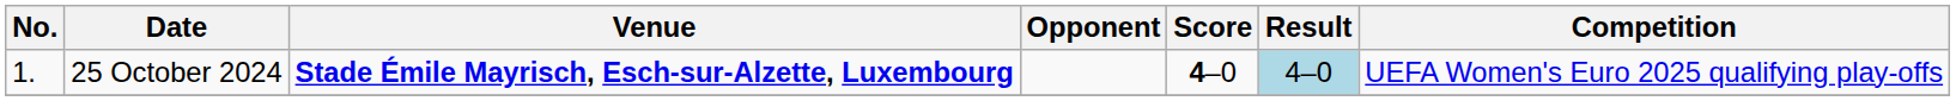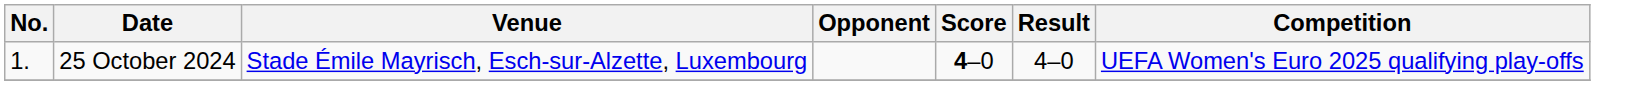 <table class="wikitable">
 <tr>
 <th>No.</th>
 <th>Date</th>
 <th>Venue</th>
 <th>Opponent</th>
 <th>Score</th>
 <th>Result</th>
 <th>Competition</th>
 </tr>
 <tr>
 <td>1.</td>
 <td>25 October 2024</td>
-<td><strong><a href='#'>Stade Émile Mayrisch</a>, <a href='#'>Esch-sur-Alzette</a>, <a href='#'>Luxembourg</a></strong></td>
+<td><a href='#'>Stade Émile Mayrisch</a>, <a href='#'>Esch-sur-Alzette</a>, <a href='#'>Luxembourg</a></td>
 <td></td>
 <td align=center><strong>4</strong>–0</td>
-<td align=center style="background: lightblue;">4–0</td>
+<td align=center>4–0</td>
 <td><a href='#'>UEFA Women's Euro 2025 qualifying play-offs</a></td>
 </tr>
 <tr>
 </tr>
 </table>
